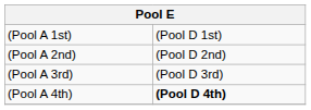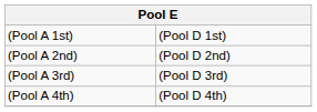 <table class="wikitable">
 <tr>
 <th width=50% colspan=2>Pool E</th>
 </tr>
 <tr>
 <td> (Pool A 1st)</td>
 <td> (Pool D 1st)</td>
 </tr>
 <tr>
 <td> (Pool A 2nd)</td>
 <td> (Pool D 2nd)</td>
 </tr>
 <tr>
 <td> (Pool A 3rd)</td>
 <td> (Pool D 3rd)</td>
 </tr>
 <tr>
 <td> (Pool A 4th)</td>
-<td><strong> (Pool D 4th)</strong></td>
+<td> (Pool D 4th)</td>
 </tr>
 <tr>
 </tr>
 </table>
